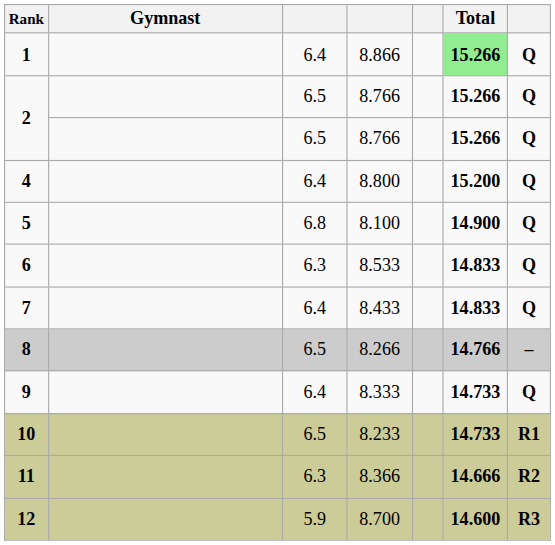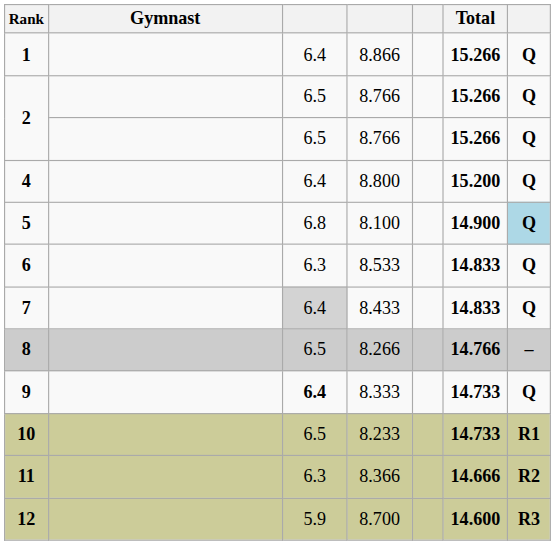 <table style="text-align:center;" class="wikitable sortable">
 <tr>
 <th scope="col" style="width:15px;"><small>Rank</small></th>
 <th scope="col" style="width:200px;">Gymnast</th>
 <th scope="col" style="width:50px;"><small></small></th>
 <th scope="col" style="width:50px;"><small></small></th>
 <th scope="col" style="width:20px;"><small></small></th>
 <th scope="col" style="width:50px;">Total</th>
 <th scope="col" style="width:30px;"><small></small></th>
 </tr>
 <tr>
 <td scope="row" style="text-align:center"><strong>1</strong></td>
 <td style="height:30px; text-align:left;"></td>
 <td>6.4</td>
 <td>8.866</td>
 <td></td>
-<td style="background: lightgreen;"><strong>15.266</strong></td>
+<td><strong>15.266</strong></td>
 <td><strong>Q</strong></td>
 </tr>
 <tr>
 <td rowspan=2 scope="row" style="text-align:center"><strong>2</strong></td>
 <td style="height:30px; text-align:left;"></td>
 <td>6.5</td>
 <td>8.766</td>
 <td></td>
 <td><strong>15.266</strong></td>
 <td><strong>Q</strong></td>
 </tr>
 <tr>
 <td style="height:30px; text-align:left;"></td>
 <td>6.5</td>
 <td>8.766</td>
 <td></td>
 <td><strong>15.266</strong></td>
 <td><strong>Q</strong></td>
 </tr>
 <tr>
 <td scope="row" style="text-align:center"><strong>4</strong></td>
 <td style="height:30px; text-align:left;"></td>
 <td>6.4</td>
 <td>8.800</td>
 <td></td>
 <td><strong>15.200</strong></td>
 <td><strong>Q</strong></td>
 </tr>
 <tr>
 <td scope="row" style="text-align:center"><strong>5</strong></td>
 <td style="height:30px; text-align:left;"></td>
 <td>6.8</td>
 <td>8.100</td>
 <td></td>
 <td><strong>14.900</strong></td>
-<td><strong>Q</strong></td>
+<td style="background: lightblue;"><strong>Q</strong></td>
 </tr>
 <tr>
 <td scope="row" style="text-align:center"><strong>6</strong></td>
 <td style="height:30px; text-align:left;"></td>
 <td>6.3</td>
 <td>8.533</td>
 <td></td>
 <td><strong>14.833</strong></td>
 <td><strong>Q</strong></td>
 </tr>
 <tr>
 <td scope="row" style="text-align:center"><strong>7</strong></td>
 <td style="height:30px; text-align:left;"></td>
-<td>6.4</td>
+<td style="background: lightgrey;">6.4</td>
 <td>8.433</td>
 <td></td>
 <td><strong>14.833</strong></td>
 <td><strong>Q</strong></td>
 </tr>
 <tr style="background:#cccccc;">
 <td scope="row" style="text-align:center"><strong>8</strong></td>
 <td style="height:30px; text-align:left;"></td>
 <td>6.5</td>
 <td>8.266</td>
 <td></td>
 <td><strong>14.766</strong></td>
 <td><strong>–</strong></td>
 </tr>
 <tr>
 <td scope="row" style="text-align:center"><strong>9</strong></td>
 <td style="height:30px; text-align:left;"></td>
-<td>6.4</td>
+<td><strong>6.4</strong></td>
 <td>8.333</td>
 <td></td>
 <td><strong>14.733</strong></td>
 <td><strong>Q</strong></td>
 </tr>
 <tr style="background:#cccc99;">
 <td scope="row" style="text-align:center"><strong>10</strong></td>
 <td style="height:30px; text-align:left;"></td>
 <td>6.5</td>
 <td>8.233</td>
 <td></td>
 <td><strong>14.733</strong></td>
 <td><strong>R1</strong></td>
 </tr>
 <tr style="background:#cccc99;">
 <td scope="row" style="text-align:center"><strong>11</strong></td>
 <td style="height:30px; text-align:left;"></td>
 <td>6.3</td>
 <td>8.366</td>
 <td></td>
 <td><strong>14.666</strong></td>
 <td><strong>R2</strong></td>
 </tr>
 <tr style="background:#cccc99;">
 <td scope="row" style="text-align:center"><strong>12</strong></td>
 <td style="height:30px; text-align:left;"></td>
 <td>5.9</td>
 <td>8.700</td>
 <td></td>
 <td><strong>14.600</strong></td>
 <td><strong>R3</strong></td>
 </tr>
 </table>
